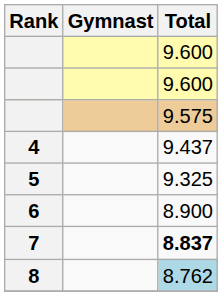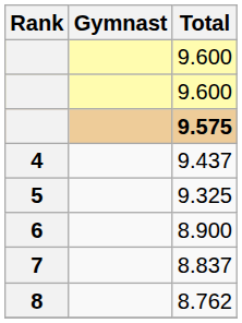 <table class="wikitable sortable" style="text-align:center; font-size:95%">
 <tr>
 <th scope=col>Rank</th>
 <th scope=col>Gymnast</th>
 <th scope=col>Total</th>
 </tr>
 <tr bgcolor=fffcaf>
 <th scope=row style="text-align:center"></th>
 <td align=left></td>
 <td>9.600</td>
 </tr>
 <tr bgcolor=fffcaf>
 <th scope=row style="text-align:center"></th>
 <td align=left></td>
 <td>9.600</td>
 </tr>
 <tr bgcolor=eecc99>
 <th scope=row style="text-align:center"></th>
 <td align=left></td>
-<td>9.575</td>
+<td><strong>9.575</strong></td>
 </tr>
 <tr>
 <th scope=row style="text-align:center">4</th>
 <td align=left></td>
 <td>9.437</td>
 </tr>
 <tr>
 <th scope=row style="text-align:center">5</th>
 <td align=left></td>
 <td>9.325</td>
 </tr>
 <tr>
 <th scope=row style="text-align:center">6</th>
 <td align=left></td>
 <td>8.900</td>
 </tr>
 <tr>
 <th scope=row style="text-align:center">7</th>
 <td align=left></td>
-<td><strong>8.837</strong></td>
+<td>8.837</td>
 </tr>
 <tr>
 <th scope=row style="text-align:center">8</th>
 <td align=left></td>
-<td style="background: lightblue;">8.762</td>
+<td>8.762</td>
 </tr>
 <tr>
 </tr>
 </table>
